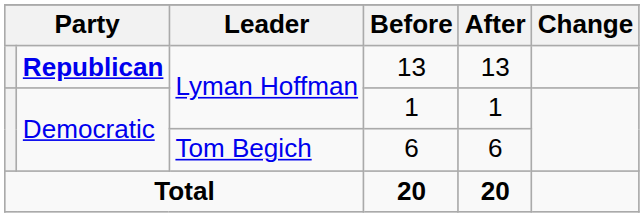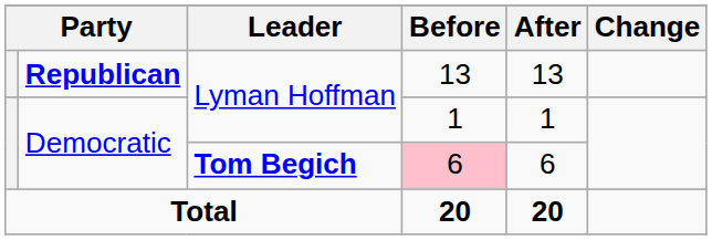 <table class="wikitable" style="text-align:center;">
 <tr>
 </tr>
 <tr>
 <th colspan=2>Party</th>
 <th>Leader</th>
 <th>Before</th>
 <th>After</th>
 <th>Change</th>
 </tr>
 <tr>
 <th style="background-color:"></th>
 <td style="text-align:left;"><strong><a href='#'>Republican</a></strong></td>
 <td rowspan=2 style="text-align:left;"><a href='#'>Lyman Hoffman</a></td>
 <td>13</td>
 <td>13</td>
 <td></td>
 </tr>
 <tr>
 <th rowspan=2 style="background-color:"></th>
 <td rowspan=2 style="text-align:left;"><a href='#'>Democratic</a></td>
 <td>1</td>
 <td>1</td>
 <td rowspan=2></td>
 </tr>
 <tr>
-<td style="text-align:left;"><a href='#'>Tom Begich</a></td>
-<td>6</td>
+<td style="text-align:left;"><strong><a href='#'>Tom Begich</a></strong></td>
+<td style="background: pink;">6</td>
 <td>6</td>
 </tr>
 <tr>
 <td colspan=3><strong>Total</strong></td>
 <td><strong>20</strong></td>
 <td><strong>20</strong></td>
 <td></td>
 </tr>
 </table>
